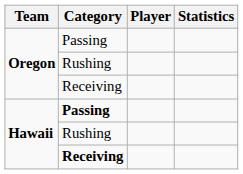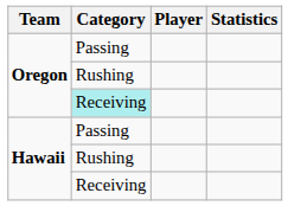 <table class="wikitable" style="float: right;">
 <tr>
 <th>Team</th>
 <th>Category</th>
 <th>Player</th>
 <th>Statistics</th>
 </tr>
 <tr>
 <td rowspan=3><strong>Oregon</strong></td>
 <td>Passing</td>
 <td></td>
 <td></td>
 </tr>
 <tr>
 <td>Rushing</td>
 <td></td>
 <td></td>
 </tr>
 <tr>
-<td>Receiving</td>
+<td style="background: paleturquoise;">Receiving</td>
 <td></td>
 <td></td>
 </tr>
 <tr>
 <td rowspan=3><strong>Hawaii</strong></td>
-<td><strong>Passing</strong></td>
+<td>Passing</td>
 <td></td>
 <td></td>
 </tr>
 <tr>
 <td>Rushing</td>
 <td></td>
 <td></td>
 </tr>
 <tr>
-<td><strong>Receiving</strong></td>
+<td>Receiving</td>
 <td></td>
 <td></td>
 </tr>
 </table>
